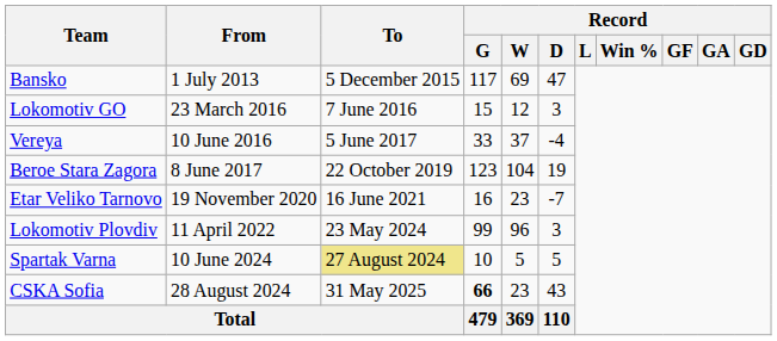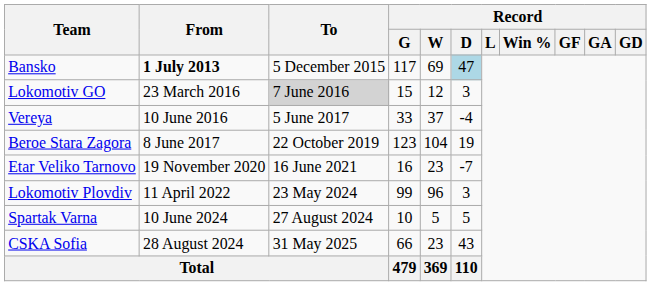 <table class="wikitable" style="text-align: center">
 <tr>
 <th rowspan="2">Team</th>
 <th rowspan="2">From</th>
 <th rowspan="2">To</th>
 <th colspan="8">Record</th>
 </tr>
 <tr>
 <th>G</th>
 <th>W</th>
 <th>D</th>
 <th>L</th>
 <th>Win %</th>
 <th>GF</th>
 <th>GA</th>
 <th>GD</th>
 </tr>
 <tr>
 <td align=left><a href='#'>Bansko</a></td>
-<td align=left>1 July 2013</td>
+<td align=left><strong>1 July 2013</strong></td>
 <td align=left>5 December 2015<br></td>
 <td align=centre>117</td>
 <td align=centre>69</td>
-<td align=centre>47</td>
+<td align=centre style="background: lightblue;">47</td>
 </tr>
 <tr>
 <td align=left><a href='#'>Lokomotiv GO</a></td>
 <td align=left>23 March 2016</td>
-<td align=left>7 June 2016<br></td>
+<td align=left style="background: lightgrey;">7 June 2016<br></td>
 <td align=centre>15</td>
 <td align=centre>12</td>
 <td align=centre>3</td>
 </tr>
 <tr>
 <td align=left><a href='#'>Vereya</a></td>
 <td align=left>10 June 2016</td>
 <td align=left>5 June 2017<br></td>
 <td align=centre>33</td>
 <td align=centre>37</td>
 <td align=centre>-4</td>
 </tr>
 <tr>
 <td align=left><a href='#'>Beroe Stara Zagora</a></td>
 <td align=left>8 June 2017</td>
 <td align=left>22 October 2019<br></td>
 <td align=centre>123</td>
 <td align=centre>104</td>
 <td align=centre>19</td>
 </tr>
 <tr>
 <td align=left><a href='#'>Etar Veliko Tarnovo</a></td>
 <td align=left>19 November 2020</td>
 <td align=left>16 June 2021<br></td>
 <td align=centre>16</td>
 <td align=centre>23</td>
 <td align=centre>-7</td>
 </tr>
 <tr>
 <td align=left><a href='#'>Lokomotiv Plovdiv</a></td>
 <td align=left>11 April 2022</td>
 <td align=left>23 May 2024<br></td>
 <td align=centre>99</td>
 <td align=centre>96</td>
 <td align=centre>3</td>
 </tr>
 <tr>
 <td align=left><a href='#'>Spartak Varna</a></td>
 <td align=left>10 June 2024</td>
-<td align=left style="background: khaki;">27 August 2024<br></td>
+<td align=left>27 August 2024<br></td>
 <td align=centre>10</td>
 <td align=centre>5</td>
 <td align=centre>5</td>
 </tr>
 <tr>
 <td align=left><a href='#'>CSKA Sofia</a></td>
 <td align=left>28 August 2024</td>
 <td align=left>31 May 2025<br></td>
-<td align=centre><strong>66</strong></td>
+<td align=centre>66</td>
 <td align=centre>23</td>
 <td align=centre>43</td>
 </tr>
 <tr>
 <th colspan="3">Total<br></th>
 <th align=centre>479</th>
 <th align=centre>369</th>
 <th align=centre>110</th>
 </tr>
 </table>
